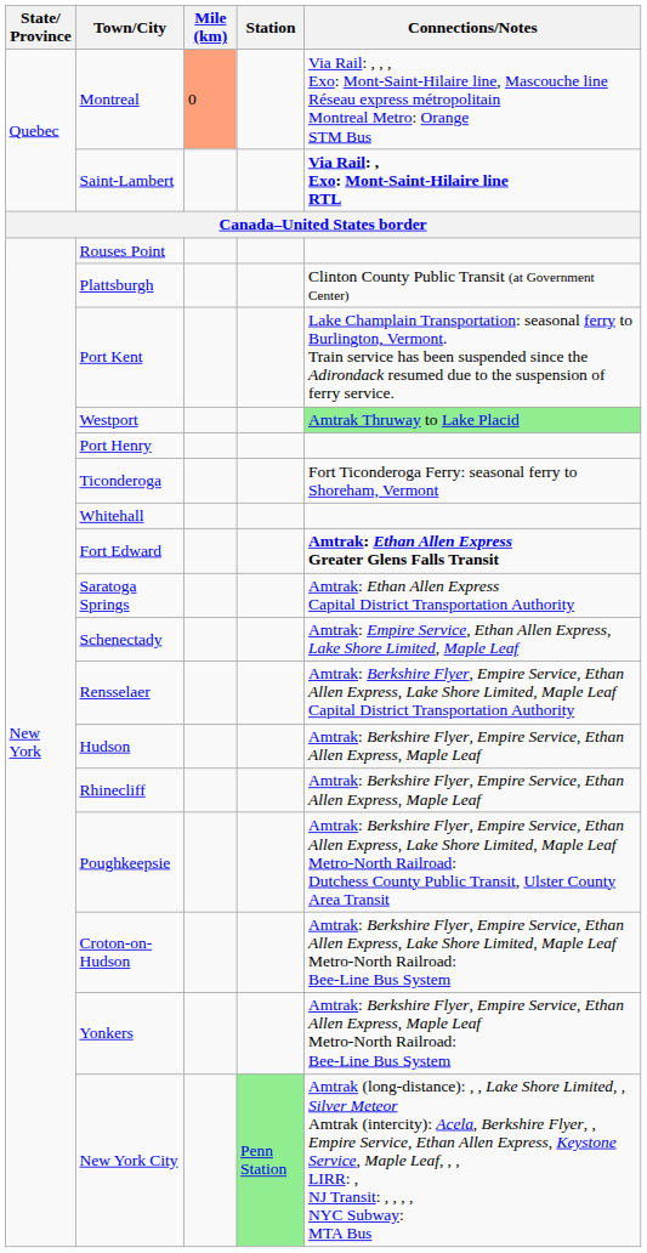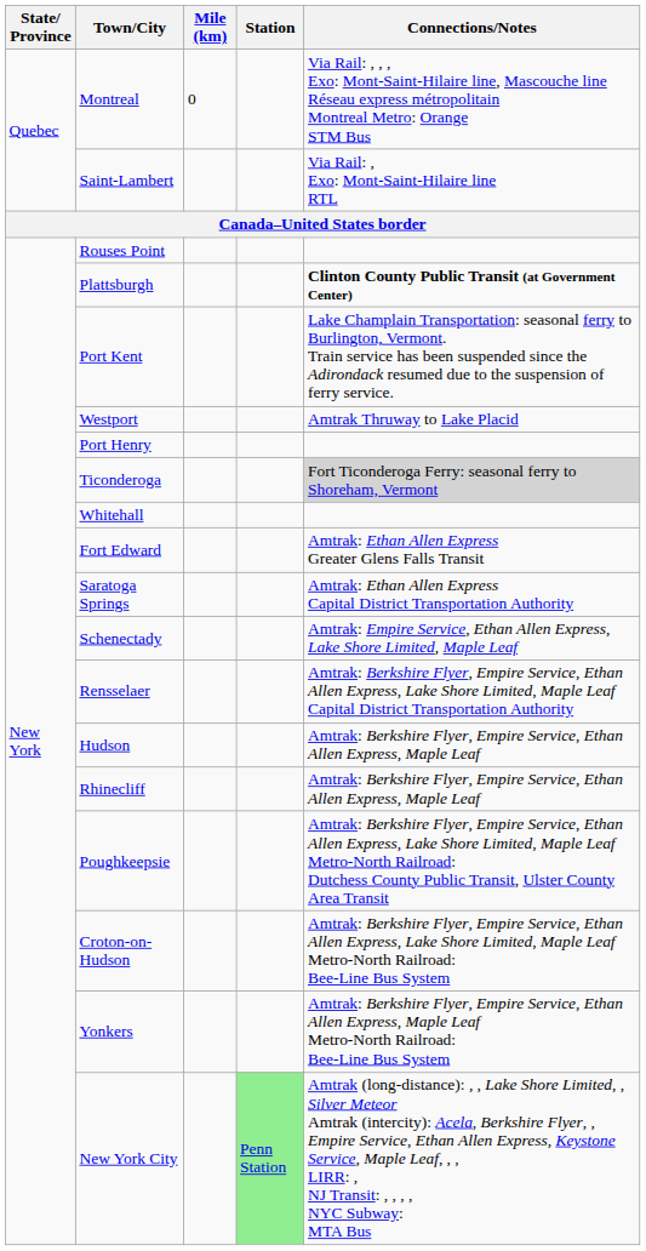 <table class="wikitable" style="margin-right:0;">
 <tr>
 <th>State/<br>Province</th>
 <th>Town/City</th>
 <th><a href='#'>Mile (km)</a></th>
 <th>Station</th>
 <th>Connections/Notes</th>
 </tr>
 <tr>
 <td rowspan=2><a href='#'>Quebec</a></td>
 <td><a href='#'>Montreal</a></td>
-<td style="background: lightsalmon;">0</td>
+<td>0</td>
 <td></td>
 <td> <a href='#'>Via Rail</a>: , , , <br> <a href='#'>Exo</a>:  <a href='#'>Mont-Saint-Hilaire line</a>,  <a href='#'>Mascouche line</a><br> <a href='#'>Réseau express métropolitain</a><br> <a href='#'>Montreal Metro</a>:  <a href='#'>Orange</a><br> <a href='#'>STM Bus</a></td>
 </tr>
 <tr>
 <td><a href='#'>Saint-Lambert</a></td>
 <td></td>
 <td></td>
-<td><strong> <a href='#'>Via Rail</a>: , <br> <a href='#'>Exo</a>:  <a href='#'>Mont-Saint-Hilaire line</a><br> <a href='#'>RTL</a></strong></td>
+<td> <a href='#'>Via Rail</a>: , <br> <a href='#'>Exo</a>:  <a href='#'>Mont-Saint-Hilaire line</a><br> <a href='#'>RTL</a></td>
 </tr>
 <tr>
 <th colspan="5"><a href='#'>Canada–United States border</a></th>
 </tr>
 <tr>
 <td rowspan=17><a href='#'>New York</a></td>
 <td><a href='#'>Rouses Point</a></td>
 <td></td>
 <td></td>
 <td></td>
 </tr>
 <tr>
 <td><a href='#'>Plattsburgh</a></td>
 <td></td>
 <td></td>
-<td> Clinton County Public Transit <small>(at Government Center)</small></td>
+<td><strong> Clinton County Public Transit <small>(at Government Center)</small></strong></td>
 </tr>
 <tr>
 <td><a href='#'>Port Kent</a></td>
 <td></td>
 <td></td>
 <td> <a href='#'>Lake Champlain Transportation</a>: seasonal <a href='#'>ferry</a> to <a href='#'>Burlington, Vermont</a>.<br>Train service has been suspended since the <em>Adirondack</em> resumed due to the suspension of ferry service.</td>
 </tr>
 <tr>
 <td><a href='#'>Westport</a></td>
 <td></td>
 <td></td>
-<td style="background: lightgreen;"> <a href='#'>Amtrak Thruway</a> to <a href='#'>Lake Placid</a></td>
+<td> <a href='#'>Amtrak Thruway</a> to <a href='#'>Lake Placid</a></td>
 </tr>
 <tr>
 <td><a href='#'>Port Henry</a></td>
 <td></td>
 <td></td>
 <td></td>
 </tr>
 <tr>
 <td><a href='#'>Ticonderoga</a></td>
 <td></td>
 <td></td>
-<td> Fort Ticonderoga Ferry: seasonal ferry to <a href='#'>Shoreham, Vermont</a></td>
+<td style="background: lightgrey;"> Fort Ticonderoga Ferry: seasonal ferry to <a href='#'>Shoreham, Vermont</a></td>
 </tr>
 <tr>
 <td><a href='#'>Whitehall</a></td>
 <td></td>
 <td></td>
 <td></td>
 </tr>
 <tr>
 <td><a href='#'>Fort Edward</a></td>
 <td></td>
 <td></td>
-<td><strong> <a href='#'>Amtrak</a>: <em><a href='#'>Ethan Allen Express</a></em><br> Greater Glens Falls Transit</strong></td>
+<td> <a href='#'>Amtrak</a>: <em><a href='#'>Ethan Allen Express</a></em><br> Greater Glens Falls Transit</td>
 </tr>
 <tr>
 <td><a href='#'>Saratoga Springs</a></td>
 <td></td>
 <td></td>
 <td> <a href='#'>Amtrak</a>: <em>Ethan Allen Express</em><br> <a href='#'>Capital District Transportation Authority</a></td>
 </tr>
 <tr>
 <td><a href='#'>Schenectady</a></td>
 <td></td>
 <td></td>
 <td> <a href='#'>Amtrak</a>: <em><a href='#'>Empire Service</a></em>, <em>Ethan Allen Express</em>, <em><a href='#'>Lake Shore Limited</a></em>, <em><a href='#'>Maple Leaf</a></em></td>
 </tr>
 <tr>
 <td><a href='#'>Rensselaer</a></td>
 <td></td>
 <td></td>
 <td> <a href='#'>Amtrak</a>: <em><a href='#'>Berkshire Flyer</a></em>, <em>Empire Service</em>, <em>Ethan Allen Express</em>, <em>Lake Shore Limited</em>, <em>Maple Leaf</em><br> <a href='#'>Capital District Transportation Authority</a></td>
 </tr>
 <tr>
 <td><a href='#'>Hudson</a></td>
 <td></td>
 <td></td>
 <td> <a href='#'>Amtrak</a>: <em>Berkshire Flyer</em>, <em>Empire Service</em>, <em>Ethan Allen Express</em>, <em>Maple Leaf</em></td>
 </tr>
 <tr>
 <td><a href='#'>Rhinecliff</a></td>
 <td></td>
 <td></td>
 <td> <a href='#'>Amtrak</a>: <em>Berkshire Flyer</em>, <em>Empire Service</em>, <em>Ethan Allen Express</em>, <em>Maple Leaf</em></td>
 </tr>
 <tr>
 <td><a href='#'>Poughkeepsie</a></td>
 <td></td>
 <td></td>
 <td> <a href='#'>Amtrak</a>: <em>Berkshire Flyer</em>, <em>Empire Service</em>, <em>Ethan Allen Express</em>, <em>Lake Shore Limited</em>, <em>Maple Leaf</em><br> <a href='#'>Metro-North Railroad</a>: <br> <a href='#'>Dutchess County Public Transit</a>, <a href='#'>Ulster County Area Transit</a></td>
 </tr>
 <tr>
 <td><a href='#'>Croton-on-Hudson</a></td>
 <td></td>
 <td></td>
 <td> <a href='#'>Amtrak</a>: <em>Berkshire Flyer</em>, <em>Empire Service</em>, <em>Ethan Allen Express</em>, <em>Lake Shore Limited</em>, <em>Maple Leaf</em><br> Metro-North Railroad: <br> <a href='#'>Bee-Line Bus System</a></td>
 </tr>
 <tr>
 <td><a href='#'>Yonkers</a></td>
 <td></td>
 <td></td>
 <td> <a href='#'>Amtrak</a>: <em>Berkshire Flyer</em>, <em>Empire Service</em>, <em>Ethan Allen Express</em>, <em>Maple Leaf</em><br> Metro-North Railroad: <br> <a href='#'>Bee-Line Bus System</a></td>
 </tr>
 <tr>
 <td><a href='#'>New York City</a></td>
 <td></td>
 <td style="background: lightgreen;"><a href='#'>Penn Station</a></td>
 <td> <a href='#'>Amtrak</a> (long-distance): , , <em>Lake Shore Limited</em>, ,  <em><a href='#'>Silver Meteor</a></em><br> Amtrak (intercity): <em><a href='#'>Acela</a></em>, <em>Berkshire Flyer</em>, , <em>Empire Service</em>, <em>Ethan Allen Express</em>, <em><a href='#'>Keystone Service</a></em>, <em>Maple Leaf</em>, , , <br> <a href='#'>LIRR</a>: , <br> <a href='#'>NJ Transit</a>: , , , , <br> <a href='#'>NYC Subway</a>: <br> <a href='#'>MTA Bus</a></td>
 </tr>
 </table>
